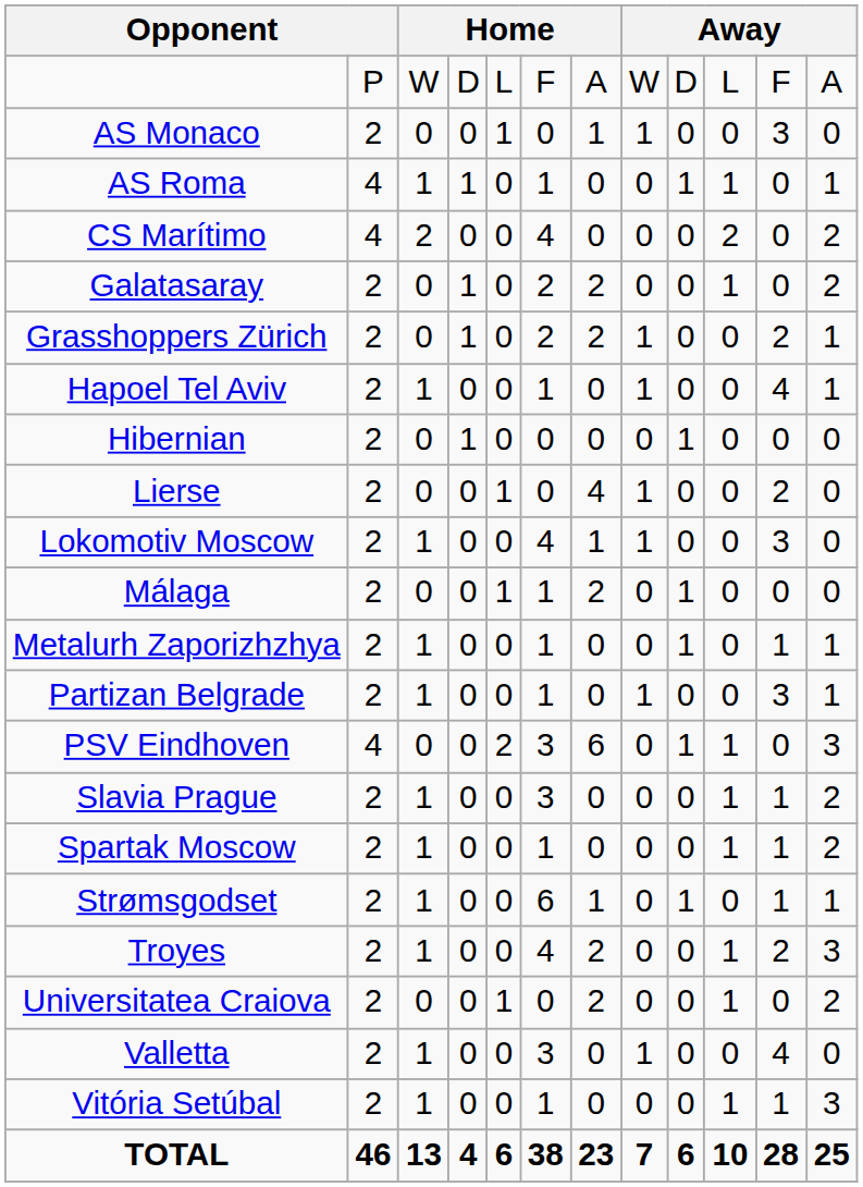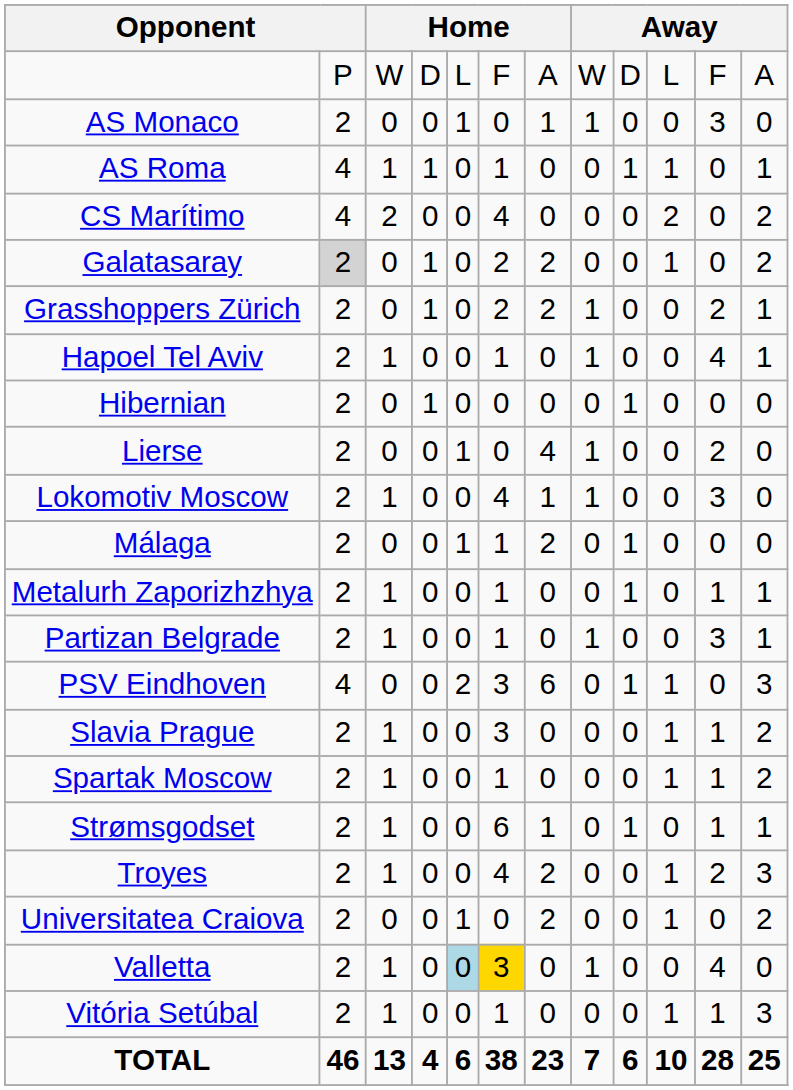 <table class="wikitable" style="text-align: center">
 <tr>
 <th colspan=2>Opponent</th>
 <th colspan=5>Home</th>
 <th colspan=5>Away</th>
 </tr>
 <tr>
 <td></td>
 <td>P</td>
 <td>W</td>
 <td>D</td>
 <td>L</td>
 <td>F</td>
 <td>A</td>
 <td>W</td>
 <td>D</td>
 <td>L</td>
 <td>F</td>
 <td>A</td>
 </tr>
 <tr>
 <td><a href='#'>AS Monaco</a></td>
 <td>2</td>
 <td>0</td>
 <td>0</td>
 <td>1</td>
 <td>0</td>
 <td>1</td>
 <td>1</td>
 <td>0</td>
 <td>0</td>
 <td>3</td>
 <td>0</td>
 </tr>
 <tr>
 <td><a href='#'>AS Roma</a></td>
 <td>4</td>
 <td>1</td>
 <td>1</td>
 <td>0</td>
 <td>1</td>
 <td>0</td>
 <td>0</td>
 <td>1</td>
 <td>1</td>
 <td>0</td>
 <td>1</td>
 </tr>
 <tr>
 <td><a href='#'>CS Marítimo</a></td>
 <td>4</td>
 <td>2</td>
 <td>0</td>
 <td>0</td>
 <td>4</td>
 <td>0</td>
 <td>0</td>
 <td>0</td>
 <td>2</td>
 <td>0</td>
 <td>2</td>
 </tr>
 <tr>
 <td><a href='#'>Galatasaray</a></td>
-<td>2</td>
+<td style="background: lightgrey;">2</td>
 <td>0</td>
 <td>1</td>
 <td>0</td>
 <td>2</td>
 <td>2</td>
 <td>0</td>
 <td>0</td>
 <td>1</td>
 <td>0</td>
 <td>2</td>
 </tr>
 <tr>
 <td><a href='#'>Grasshoppers Zürich</a></td>
 <td>2</td>
 <td>0</td>
 <td>1</td>
 <td>0</td>
 <td>2</td>
 <td>2</td>
 <td>1</td>
 <td>0</td>
 <td>0</td>
 <td>2</td>
 <td>1</td>
 </tr>
 <tr>
 <td><a href='#'>Hapoel Tel Aviv</a></td>
 <td>2</td>
 <td>1</td>
 <td>0</td>
 <td>0</td>
 <td>1</td>
 <td>0</td>
 <td>1</td>
 <td>0</td>
 <td>0</td>
 <td>4</td>
 <td>1</td>
 </tr>
 <tr>
 <td><a href='#'>Hibernian</a></td>
 <td>2</td>
 <td>0</td>
 <td>1</td>
 <td>0</td>
 <td>0</td>
 <td>0</td>
 <td>0</td>
 <td>1</td>
 <td>0</td>
 <td>0</td>
 <td>0</td>
 </tr>
 <tr>
 <td><a href='#'>Lierse</a></td>
 <td>2</td>
 <td>0</td>
 <td>0</td>
 <td>1</td>
 <td>0</td>
 <td>4</td>
 <td>1</td>
 <td>0</td>
 <td>0</td>
 <td>2</td>
 <td>0</td>
 </tr>
 <tr>
 <td><a href='#'>Lokomotiv Moscow</a></td>
 <td>2</td>
 <td>1</td>
 <td>0</td>
 <td>0</td>
 <td>4</td>
 <td>1</td>
 <td>1</td>
 <td>0</td>
 <td>0</td>
 <td>3</td>
 <td>0</td>
 </tr>
 <tr>
 <td><a href='#'>Málaga</a></td>
 <td>2</td>
 <td>0</td>
 <td>0</td>
 <td>1</td>
 <td>1</td>
 <td>2</td>
 <td>0</td>
 <td>1</td>
 <td>0</td>
 <td>0</td>
 <td>0</td>
 </tr>
 <tr>
 <td><a href='#'>Metalurh Zaporizhzhya</a></td>
 <td>2</td>
 <td>1</td>
 <td>0</td>
 <td>0</td>
 <td>1</td>
 <td>0</td>
 <td>0</td>
 <td>1</td>
 <td>0</td>
 <td>1</td>
 <td>1</td>
 </tr>
 <tr>
 <td><a href='#'>Partizan Belgrade</a></td>
 <td>2</td>
 <td>1</td>
 <td>0</td>
 <td>0</td>
 <td>1</td>
 <td>0</td>
 <td>1</td>
 <td>0</td>
 <td>0</td>
 <td>3</td>
 <td>1</td>
 </tr>
 <tr>
 <td><a href='#'>PSV Eindhoven</a></td>
 <td>4</td>
 <td>0</td>
 <td>0</td>
 <td>2</td>
 <td>3</td>
 <td>6</td>
 <td>0</td>
 <td>1</td>
 <td>1</td>
 <td>0</td>
 <td>3</td>
 </tr>
 <tr>
 <td><a href='#'>Slavia Prague</a></td>
 <td>2</td>
 <td>1</td>
 <td>0</td>
 <td>0</td>
 <td>3</td>
 <td>0</td>
 <td>0</td>
 <td>0</td>
 <td>1</td>
 <td>1</td>
 <td>2</td>
 </tr>
 <tr>
 <td><a href='#'>Spartak Moscow</a></td>
 <td>2</td>
 <td>1</td>
 <td>0</td>
 <td>0</td>
 <td>1</td>
 <td>0</td>
 <td>0</td>
 <td>0</td>
 <td>1</td>
 <td>1</td>
 <td>2</td>
 </tr>
 <tr>
 <td><a href='#'>Strømsgodset</a></td>
 <td>2</td>
 <td>1</td>
 <td>0</td>
 <td>0</td>
 <td>6</td>
 <td>1</td>
 <td>0</td>
 <td>1</td>
 <td>0</td>
 <td>1</td>
 <td>1</td>
 </tr>
 <tr>
 <td><a href='#'>Troyes</a></td>
 <td>2</td>
 <td>1</td>
 <td>0</td>
 <td>0</td>
 <td>4</td>
 <td>2</td>
 <td>0</td>
 <td>0</td>
 <td>1</td>
 <td>2</td>
 <td>3</td>
 </tr>
 <tr>
 <td><a href='#'>Universitatea Craiova</a></td>
 <td>2</td>
 <td>0</td>
 <td>0</td>
 <td>1</td>
 <td>0</td>
 <td>2</td>
 <td>0</td>
 <td>0</td>
 <td>1</td>
 <td>0</td>
 <td>2</td>
 </tr>
 <tr>
 <td><a href='#'>Valletta</a></td>
 <td>2</td>
 <td>1</td>
 <td>0</td>
-<td>0</td>
-<td>3</td>
+<td style="background: lightblue;">0</td>
+<td style="background: gold;">3</td>
 <td>0</td>
 <td>1</td>
 <td>0</td>
 <td>0</td>
 <td>4</td>
 <td>0</td>
 </tr>
 <tr>
 <td><a href='#'>Vitória Setúbal</a></td>
 <td>2</td>
 <td>1</td>
 <td>0</td>
 <td>0</td>
 <td>1</td>
 <td>0</td>
 <td>0</td>
 <td>0</td>
 <td>1</td>
 <td>1</td>
 <td>3</td>
 </tr>
 <tr>
 <td><strong>TOTAL</strong></td>
 <td><strong>46</strong></td>
 <td><strong>13</strong></td>
 <td><strong>4</strong></td>
 <td><strong>6</strong></td>
 <td><strong>38</strong></td>
 <td><strong>23</strong></td>
 <td><strong>7</strong></td>
 <td><strong>6</strong></td>
 <td><strong>10</strong></td>
 <td><strong>28</strong></td>
 <td><strong>25</strong></td>
 </tr>
 <tr>
 </tr>
 </table>
